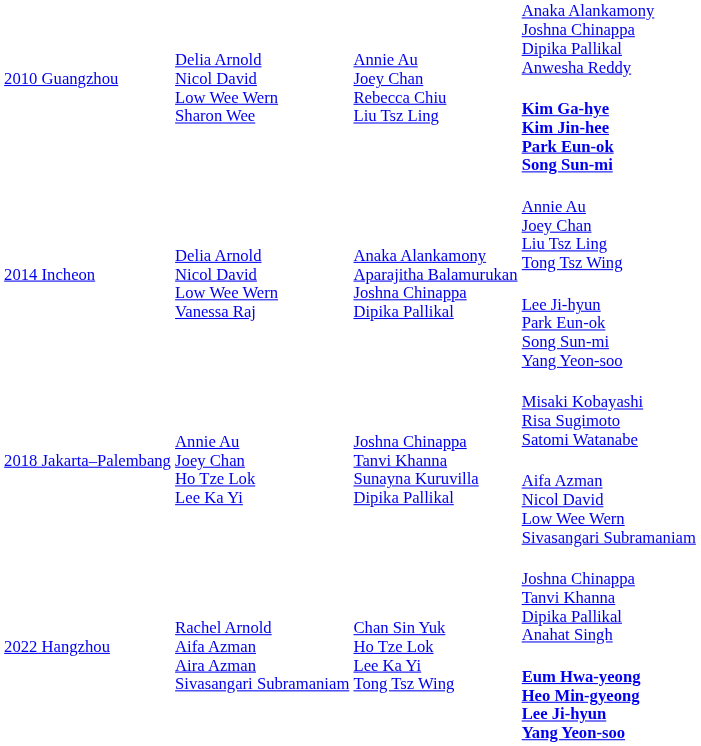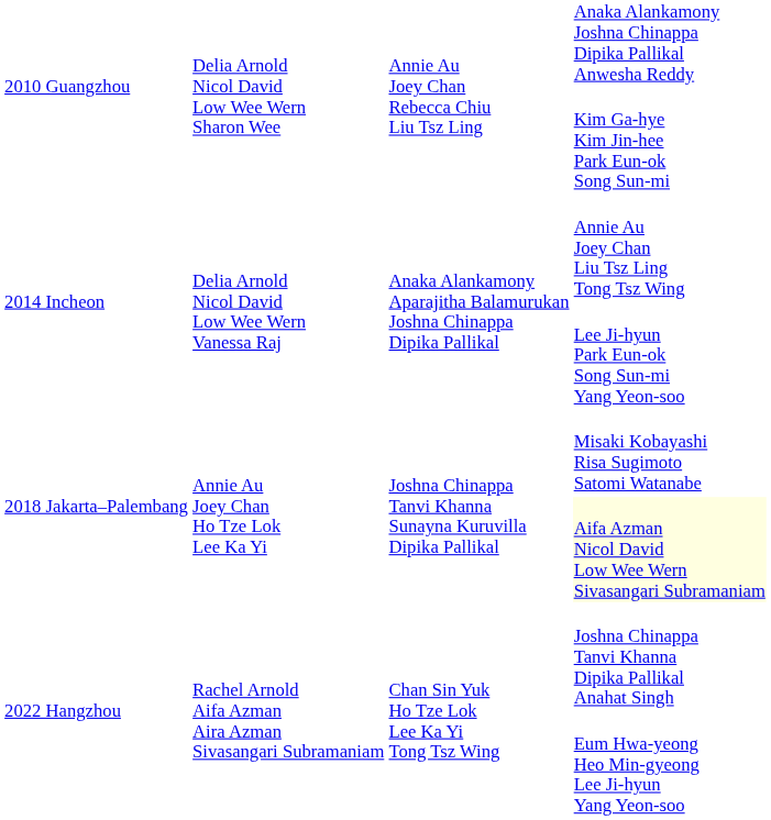 <table>
 <tr>
 <td rowspan=2><a href='#'>2010 Guangzhou</a></td>
 <td rowspan=2><br><a href='#'>Delia Arnold</a><br><a href='#'>Nicol David</a><br><a href='#'>Low Wee Wern</a><br><a href='#'>Sharon Wee</a></td>
 <td rowspan=2><br><a href='#'>Annie Au</a><br><a href='#'>Joey Chan</a><br><a href='#'>Rebecca Chiu</a><br><a href='#'>Liu Tsz Ling</a></td>
 <td><br><a href='#'>Anaka Alankamony</a><br><a href='#'>Joshna Chinappa</a><br><a href='#'>Dipika Pallikal</a><br><a href='#'>Anwesha Reddy</a></td>
 </tr>
 <tr>
-<td><strong><br><a href='#'>Kim Ga-hye</a><br><a href='#'>Kim Jin-hee</a><br><a href='#'>Park Eun-ok</a><br><a href='#'>Song Sun-mi</a></strong></td>
+<td><br><a href='#'>Kim Ga-hye</a><br><a href='#'>Kim Jin-hee</a><br><a href='#'>Park Eun-ok</a><br><a href='#'>Song Sun-mi</a></td>
 </tr>
 <tr>
 <td rowspan=2><a href='#'>2014 Incheon</a></td>
 <td rowspan=2><br><a href='#'>Delia Arnold</a><br><a href='#'>Nicol David</a><br><a href='#'>Low Wee Wern</a><br><a href='#'>Vanessa Raj</a></td>
 <td rowspan=2><br><a href='#'>Anaka Alankamony</a><br><a href='#'>Aparajitha Balamurukan</a><br><a href='#'>Joshna Chinappa</a><br><a href='#'>Dipika Pallikal</a></td>
 <td><br><a href='#'>Annie Au</a><br><a href='#'>Joey Chan</a><br><a href='#'>Liu Tsz Ling</a><br><a href='#'>Tong Tsz Wing</a></td>
 </tr>
 <tr>
 <td><br><a href='#'>Lee Ji-hyun</a><br><a href='#'>Park Eun-ok</a><br><a href='#'>Song Sun-mi</a><br><a href='#'>Yang Yeon-soo</a></td>
 </tr>
 <tr>
 <td rowspan=2><a href='#'>2018 Jakarta–Palembang</a></td>
 <td rowspan=2><br><a href='#'>Annie Au</a><br><a href='#'>Joey Chan</a><br><a href='#'>Ho Tze Lok</a><br><a href='#'>Lee Ka Yi</a></td>
 <td rowspan=2><br><a href='#'>Joshna Chinappa</a><br><a href='#'>Tanvi Khanna</a><br><a href='#'>Sunayna Kuruvilla</a><br><a href='#'>Dipika Pallikal</a></td>
 <td><br><a href='#'>Misaki Kobayashi</a><br><a href='#'>Risa Sugimoto</a><br><a href='#'>Satomi Watanabe</a></td>
 </tr>
 <tr>
-<td><br><a href='#'>Aifa Azman</a><br><a href='#'>Nicol David</a><br><a href='#'>Low Wee Wern</a><br><a href='#'>Sivasangari Subramaniam</a></td>
+<td style="background: lightyellow;"><br><a href='#'>Aifa Azman</a><br><a href='#'>Nicol David</a><br><a href='#'>Low Wee Wern</a><br><a href='#'>Sivasangari Subramaniam</a></td>
 </tr>
 <tr>
 <td rowspan=2><a href='#'>2022 Hangzhou</a></td>
 <td rowspan=2><br><a href='#'>Rachel Arnold</a><br><a href='#'>Aifa Azman</a><br><a href='#'>Aira Azman</a><br><a href='#'>Sivasangari Subramaniam</a></td>
 <td rowspan=2><br><a href='#'>Chan Sin Yuk</a><br><a href='#'>Ho Tze Lok</a><br><a href='#'>Lee Ka Yi</a><br><a href='#'>Tong Tsz Wing</a></td>
 <td><br><a href='#'>Joshna Chinappa</a><br><a href='#'>Tanvi Khanna</a><br><a href='#'>Dipika Pallikal</a><br><a href='#'>Anahat Singh</a></td>
 </tr>
 <tr>
-<td><strong><br><a href='#'>Eum Hwa-yeong</a><br><a href='#'>Heo Min-gyeong</a><br><a href='#'>Lee Ji-hyun</a><br><a href='#'>Yang Yeon-soo</a></strong></td>
+<td><br><a href='#'>Eum Hwa-yeong</a><br><a href='#'>Heo Min-gyeong</a><br><a href='#'>Lee Ji-hyun</a><br><a href='#'>Yang Yeon-soo</a></td>
 </tr>
 </table>
